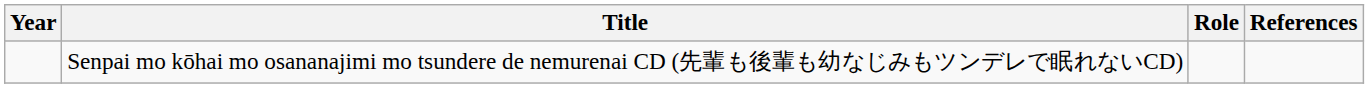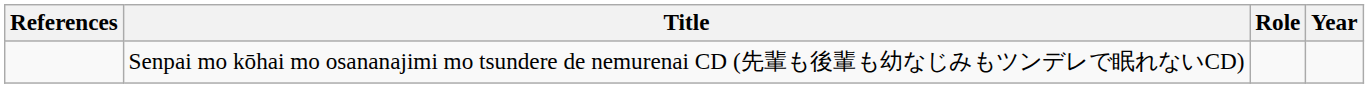 <table class="wikitable">
 <tr>
-<th>Year</th>
+<th>References</th>
 <th>Title</th>
 <th>Role</th>
-<th>References</th>
+<th>Year</th>
 </tr>
 <tr>
 <td></td>
 <td>Senpai mo kōhai mo osananajimi mo tsundere de nemurenai CD (先輩も後輩も幼なじみもツンデレで眠れないCD)</td>
 <td></td>
 <td></td>
 </tr>
 </table>
